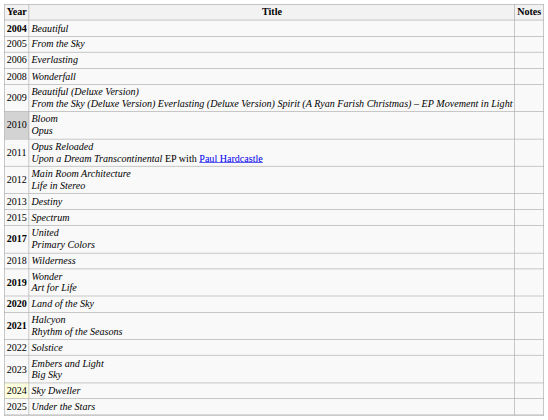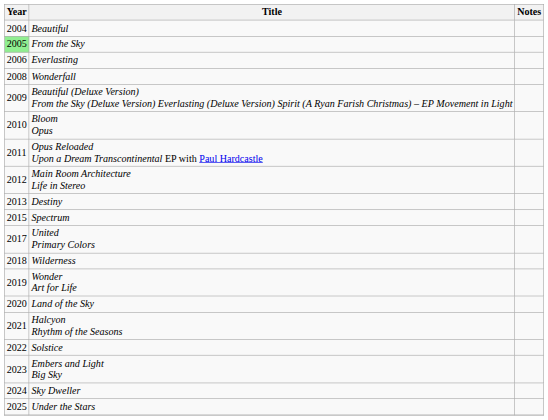 <table class="wikitable">
 <tr>
 <th>Year</th>
 <th>Title</th>
 <th>Notes</th>
 </tr>
 <tr>
-<td><strong>2004</strong></td>
+<td>2004</td>
 <td><em>Beautiful</em></td>
 <td></td>
 </tr>
 <tr>
-<td>2005</td>
+<td style="background: lightgreen;">2005</td>
 <td><em>From the Sky</em></td>
 <td></td>
 </tr>
 <tr>
 <td>2006</td>
 <td><em>Everlasting</em></td>
 <td></td>
 </tr>
 <tr>
 <td>2008</td>
 <td><em>Wonderfall</em></td>
 <td></td>
 </tr>
 <tr>
 <td>2009</td>
 <td><em>Beautiful (Deluxe Version)</em><br><em>From the Sky (Deluxe Version)</em> <em>Everlasting (Deluxe Version)</em> <em>Spirit (A Ryan Farish Christmas) – EP</em> <em>Movement in Light</em></td>
 <td></td>
 </tr>
 <tr>
-<td style="background: lightgrey;">2010</td>
+<td>2010</td>
 <td><em>Bloom</em><br><em>Opus</em></td>
 <td></td>
 </tr>
 <tr>
 <td>2011</td>
 <td><em>Opus Reloaded</em><br><em>Upon a Dream</em> <em>Transcontinental</em> EP with <a href='#'>Paul Hardcastle</a></td>
 <td></td>
 </tr>
 <tr>
 <td>2012</td>
 <td><em>Main Room Architecture</em><br><em>Life in Stereo</em></td>
 <td></td>
 </tr>
 <tr>
 <td>2013</td>
 <td><em>Destiny</em></td>
 <td></td>
 </tr>
 <tr>
 <td>2015</td>
 <td><em>Spectrum</em></td>
 <td></td>
 </tr>
 <tr>
-<td><strong>2017</strong></td>
+<td>2017</td>
 <td><em>United</em><br><em>Primary Colors</em></td>
 <td></td>
 </tr>
 <tr>
 <td>2018</td>
 <td><em>Wilderness</em></td>
 <td></td>
 </tr>
 <tr>
-<td><strong>2019</strong></td>
+<td>2019</td>
 <td><em>Wonder</em><br><em>Art for Life</em></td>
 <td></td>
 </tr>
 <tr>
-<td><strong>2020</strong></td>
+<td>2020</td>
 <td><em>Land of the Sky</em></td>
 <td></td>
 </tr>
 <tr>
-<td><strong>2021</strong></td>
+<td>2021</td>
 <td><em>Halcyon</em><br><em>Rhythm of the Seasons</em></td>
 <td></td>
 </tr>
 <tr>
 <td>2022</td>
 <td><em>Solstice</em></td>
 <td></td>
 </tr>
 <tr>
 <td>2023</td>
 <td><em>Embers and Light</em><br><em>Big Sky</em></td>
 <td></td>
 </tr>
 <tr>
-<td style="background: lightyellow;">2024</td>
+<td>2024</td>
 <td><em>Sky Dweller</em></td>
 <td></td>
 </tr>
 <tr>
 <td>2025</td>
 <td><em>Under the Stars</em></td>
 <td></td>
 </tr>
 <tr>
 </tr>
 </table>
